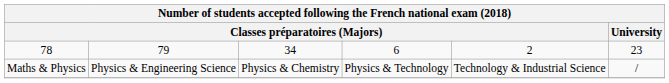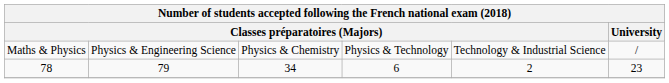 <table class="wikitable" style="text-align:center;">
 <tr>
 <th colspan="6">Number of students accepted following the French national exam (2018)</th>
 </tr>
 <tr>
 <th colspan="5">Classes préparatoires (Majors)</th>
 <th colspan="1">University</th>
+</tr>
+<tr>
+<td>Maths & Physics</td>
+<td>Physics & Engineering Science</td>
+<td>Physics & Chemistry</td>
+<td>Physics & Technology</td>
+<td>Technology & Industrial Science</td>
+<td>/</td>
 </tr>
 <tr>
 <td>78</td>
 <td>79</td>
 <td>34</td>
 <td>6</td>
 <td>2</td>
 <td>23</td>
 </tr>
 <tr>
-<td>Maths & Physics</td>
-<td>Physics & Engineering Science</td>
-<td>Physics & Chemistry</td>
-<td>Physics & Technology</td>
-<td>Technology & Industrial Science</td>
-<td>/</td>
-</tr>
-<tr>
 </tr>
 </table>
